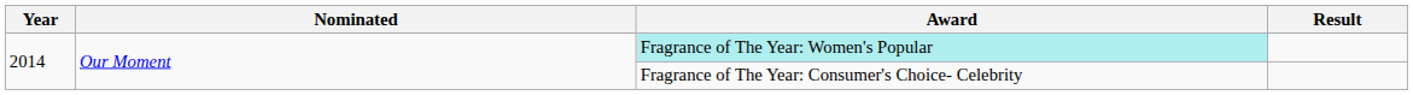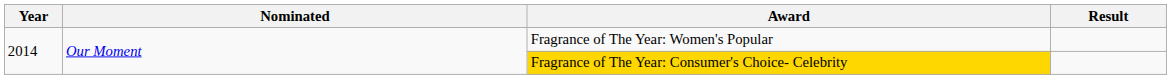 <table class="wikitable" style="width:100%;">
 <tr>
 <th width=5%>Year</th>
 <th style="width:40%;">Nominated</th>
 <th style="width:45%;">Award</th>
 <th style="width:10%;">Result</th>
 </tr>
 <tr>
 <td rowspan="2">2014</td>
 <td rowspan="2"><em><a href='#'>Our Moment</a></em></td>
-<td style="background: paleturquoise;">Fragrance of The Year: Women's Popular</td>
+<td>Fragrance of The Year: Women's Popular</td>
 <td></td>
 </tr>
 <tr>
-<td>Fragrance of The Year: Consumer's Choice- Celebrity</td>
+<td style="background: gold;">Fragrance of The Year: Consumer's Choice- Celebrity</td>
 <td></td>
 </tr>
 </table>
